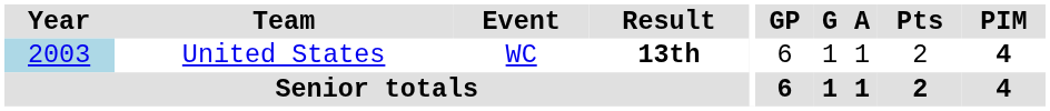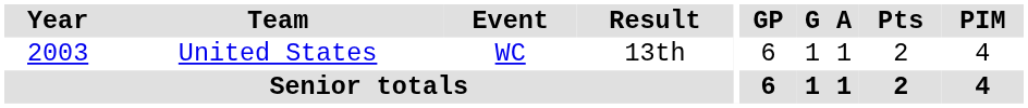 <table border="0" cellpadding="1" cellspacing="0" ID="Table3" style="text-align:center; width:40em">
 <tr ALIGN="center" bgcolor="#e0e0e0">
 <th>Year</th>
 <th>Team</th>
 <th>Event</th>
 <th>Result</th>
 <th rowspan="99" bgcolor="#ffffff"></th>
 <th>GP</th>
 <th>G</th>
 <th>A</th>
 <th>Pts</th>
 <th>PIM</th>
 </tr>
 <tr ALIGN="center">
-<td style="background: lightblue;"><a href='#'>2003</a></td>
+<td><a href='#'>2003</a></td>
 <td><a href='#'>United States</a></td>
 <td><a href='#'>WC</a></td>
-<td><strong>13th</strong></td>
+<td>13th</td>
 <td>6</td>
 <td>1</td>
 <td>1</td>
 <td>2</td>
-<td><strong>4</strong></td>
+<td>4</td>
 </tr>
 <tr bgcolor="#e0e0e0">
 <th colspan="4">Senior totals</th>
 <th>6</th>
 <th>1</th>
 <th>1</th>
 <th>2</th>
 <th>4</th>
 </tr>
 </table>
